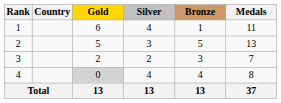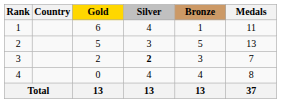 <table class="wikitable">
 <tr>
 <th>Rank</th>
 <th>Country</th>
 <th style="background:#FFD700;" width="75">Gold</th>
 <th style="background:#C0C0C0;" width="75">Silver</th>
 <th style="background:#CC9966;" width="75">Bronze</th>
 <th width="75">Medals</th>
 </tr>
 <tr align=center>
 <td>1</td>
 <td align=left></td>
 <td>6</td>
 <td>4</td>
 <td>1</td>
 <td>11</td>
 </tr>
 <tr align=center>
 <td>2</td>
 <td align=left></td>
 <td>5</td>
 <td>3</td>
 <td>5</td>
 <td>13</td>
 </tr>
 <tr align=center>
 <td>3</td>
 <td align=left></td>
 <td>2</td>
-<td>2</td>
+<td><strong>2</strong></td>
 <td>3</td>
 <td>7</td>
 </tr>
 <tr align=center>
 <td>4</td>
 <td align=left></td>
-<td style="background: lightgrey;">0</td>
+<td>0</td>
 <td>4</td>
 <td>4</td>
 <td>8</td>
 </tr>
 <tr>
 <th colspan=2>Total</th>
 <th>13</th>
 <th>13</th>
 <th>13</th>
 <th>37</th>
 </tr>
 </table>
